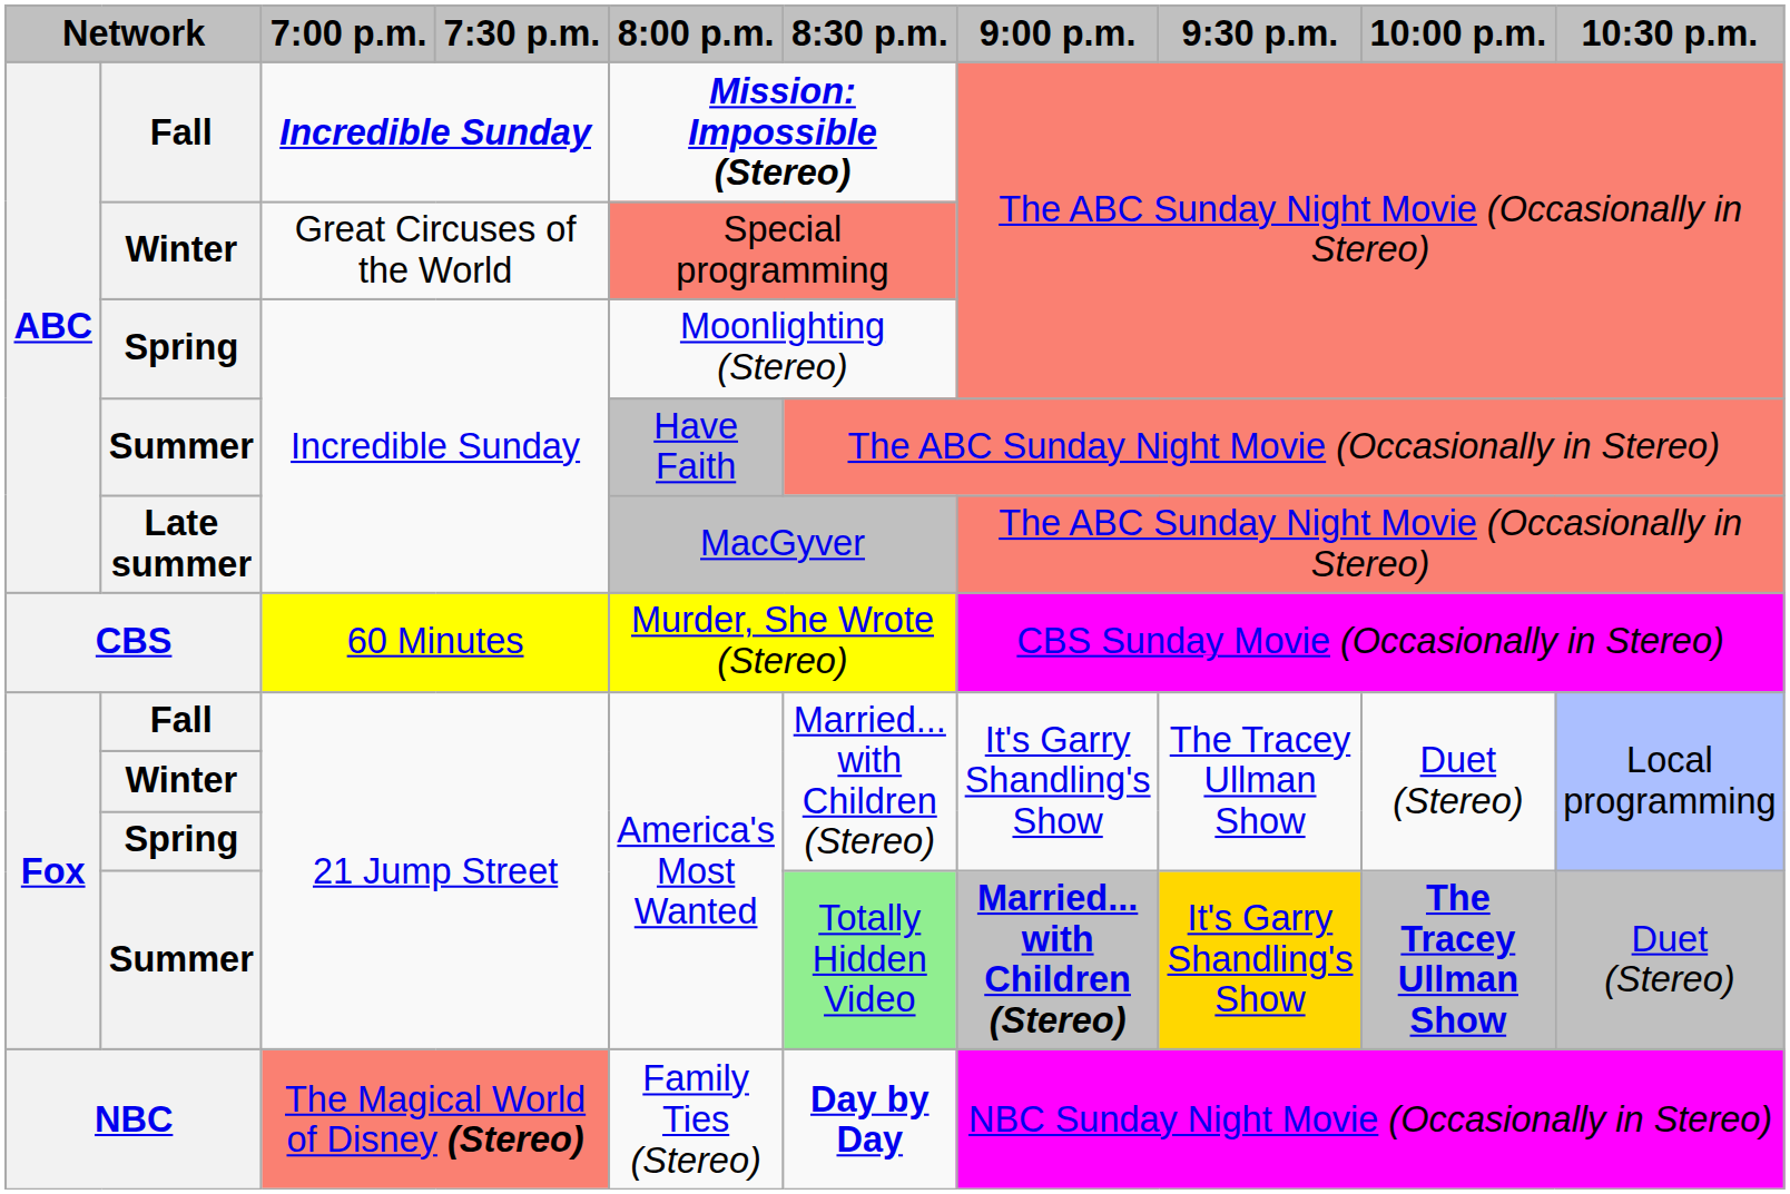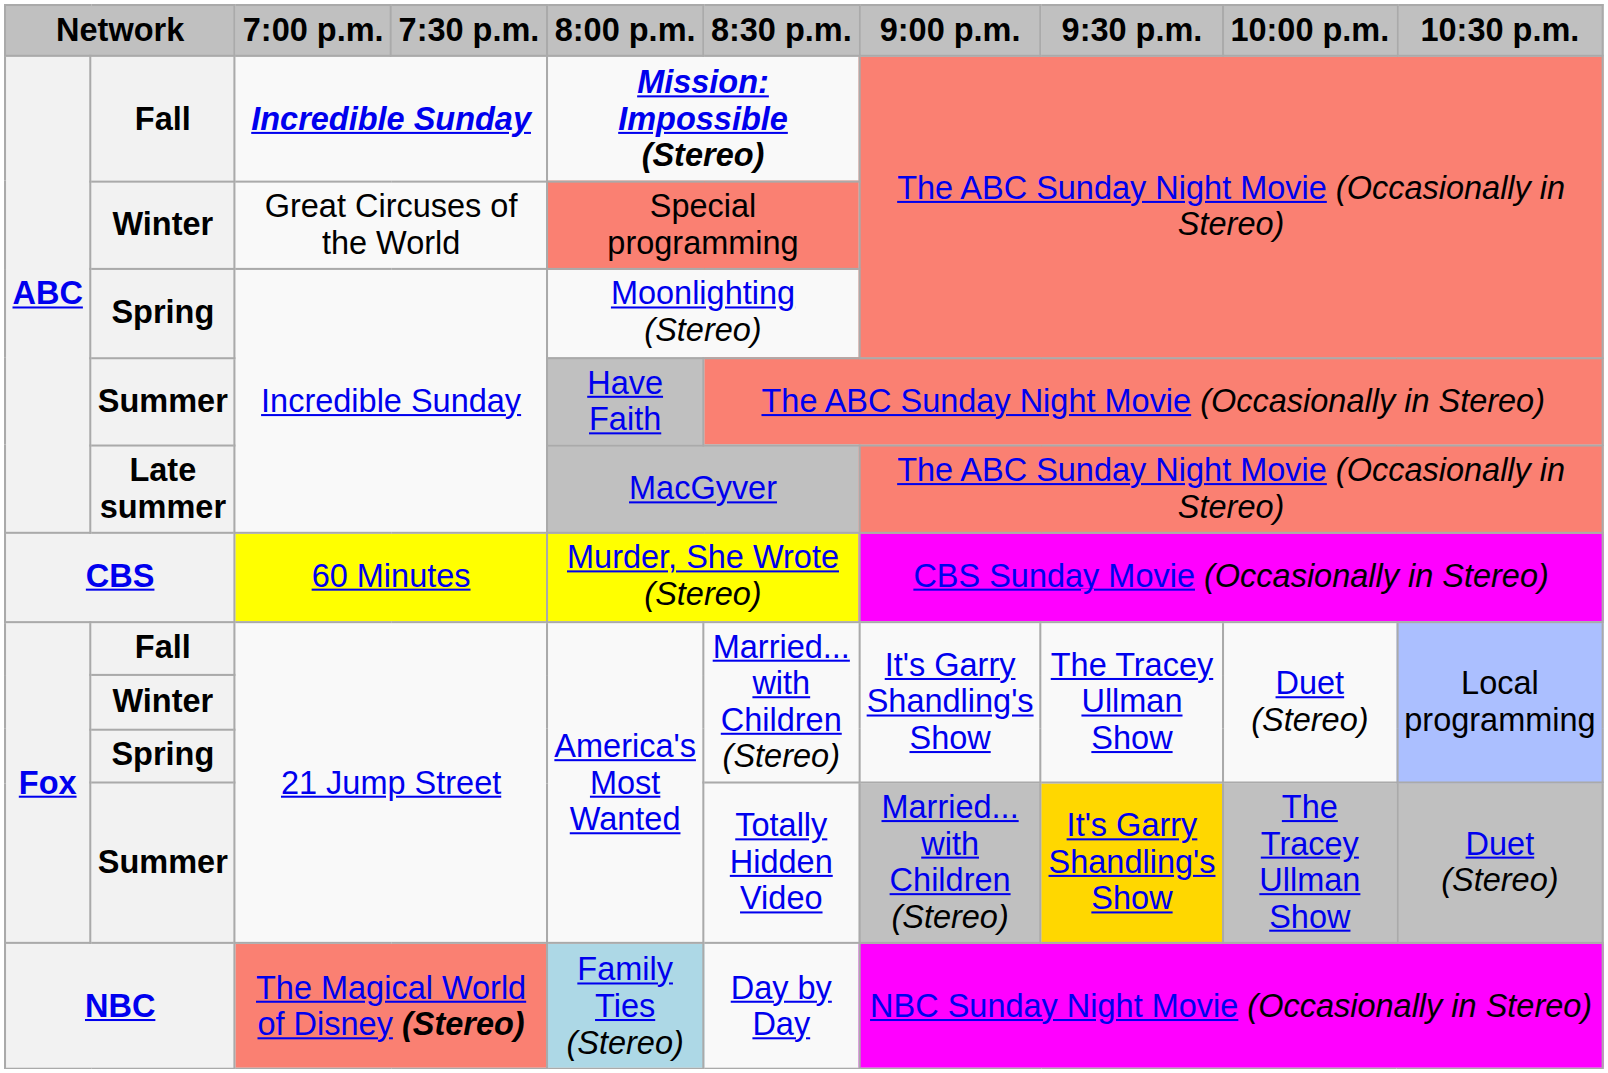 <table class="wikitable" style="width:100%;margin-right:0;text-align:center;">
 <tr>
 <th colspan="2" style="background-color:#C0C0C0;text-align:center">Network</th>
 <th style="background-color:#C0C0C0;text-align:center">7:00 p.m.</th>
 <th style="background-color:#C0C0C0;text-align:center">7:30 p.m.</th>
 <th style="background-color:#C0C0C0;text-align:center">8:00 p.m.</th>
 <th style="background-color:#C0C0C0;text-align:center">8:30 p.m.</th>
 <th style="background-color:#C0C0C0;text-align:center">9:00 p.m.</th>
 <th style="background-color:#C0C0C0;text-align:center">9:30 p.m.</th>
 <th style="background-color:#C0C0C0;text-align:center">10:00 p.m.</th>
 <th style="background-color:#C0C0C0;text-align:center">10:30 p.m.</th>
 </tr>
 <tr>
 <th rowspan="5"><a href='#'>ABC</a></th>
 <th>Fall</th>
 <td colspan="2"><strong><em><a href='#'>Incredible Sunday</a></em></strong></td>
 <td colspan="2"><strong><em><a href='#'>Mission: Impossible</a><strong> <em>(Stereo)</td>
 <td rowspan="3" colspan="4" style="background:#FA8072;"></em><a href='#'>The ABC Sunday Night Movie</a><em> (Occasionally in Stereo)</td>
 </tr>
 <tr>
 <th>Winter</th>
 <td colspan="2"></em></strong>Great Circuses of the World<strong><em></td>
 <td colspan="2" style="background:#FA8072;">Special programming</td>
 </tr>
 <tr>
 <th>Spring</th>
 <td rowspan="3" colspan="2"></em></strong><a href='#'>Incredible Sunday</a><strong><em></td>
 <td colspan="2"></em><a href='#'>Moonlighting</a><em> (Stereo)</td>
 </tr>
 <tr>
 <th>Summer</th>
 <td style="background:#C0C0C0;"></em></strong><a href='#'>Have Faith</a><strong><em> </td>
 <td colspan="5" style="background:#FA8072;"></em><a href='#'>The ABC Sunday Night Movie</a><em> (Occasionally in Stereo)</td>
 </tr>
 <tr>
 <th>Late summer</th>
 <td colspan="2" style="background:#C0C0C0;"></em><a href='#'>MacGyver</a><em> </td>
 <td colspan="4" style="background:#FA8072;"></em><a href='#'>The ABC Sunday Night Movie</a><em> (Occasionally in Stereo)</td>
 </tr>
 <tr>
 <th colspan="2"><a href='#'>CBS</a></th>
 <td style="background:#FFFF00;" colspan="2"></em><a href='#'>60 Minutes</a><em> </td>
 <td style="background:#FFFF00;" colspan="2"></em><a href='#'>Murder, She Wrote</a><em> (Stereo) </td>
 <td style="background:#FF00FF;" colspan="4"></em><a href='#'>CBS Sunday Movie</a><em> (Occasionally in Stereo) </td>
 </tr>
 <tr>
 <th rowspan="4"><a href='#'>Fox</a></th>
 <th>Fall</th>
 <td colspan="2" rowspan="4"></em><a href='#'>21 Jump Street</a><em></td>
 <td rowspan="4"></em><a href='#'>America's Most Wanted</a><em></td>
 <td rowspan="3"></em><a href='#'>Married... with Children</a><em><br>(Stereo)</td>
 <td rowspan="3"></em><a href='#'>It's Garry Shandling's Show</a><em></td>
 <td rowspan="3"></em><a href='#'>The Tracey Ullman Show</a><em></td>
 <td rowspan="3"></em><a href='#'>Duet</a><em> (Stereo)</td>
 <td rowspan="3" style="background:#abbfff;">Local programming</td>
 </tr>
 <tr>
 <th>Winter</th>
 </tr>
 <tr>
 <th>Spring</th>
 </tr>
 <tr>
 <th>Summer</th>
-<td style="background: lightgreen;"></em></strong><a href='#'>Totally Hidden Video</a><strong><em></td>
-<td style="background:#C0C0C0;"><strong></em><a href='#'>Married... with Children</a><em> (Stereo) </strong></td>
+<td></em></strong><a href='#'>Totally Hidden Video</a><strong><em></td>
+<td style="background:#C0C0C0;"></em><a href='#'>Married... with Children</a><em> (Stereo) </td>
 <td style="background: gold;"></em><a href='#'>It's Garry Shandling's Show</a><em></td>
-<td style="background:#C0C0C0;"><strong></em><a href='#'>The Tracey Ullman Show</a><em> </strong></td>
+<td style="background:#C0C0C0;"></em><a href='#'>The Tracey Ullman Show</a><em> </td>
 <td style="background:#C0C0C0;"></em><a href='#'>Duet</a><em> (Stereo) </td>
 </tr>
 <tr>
 <th colspan="2"><a href='#'>NBC</a></th>
 <td colspan="2" style="background:#FA8072;"></em></strong><a href='#'>The Magical World of Disney</a><strong><em> (Stereo)</td>
-<td></em><a href='#'>Family Ties</a><em><br>(Stereo)</td>
-<td><strong></em><a href='#'>Day by Day</a><em></strong></td>
+<td style="background: lightblue;"></em><a href='#'>Family Ties</a><em><br>(Stereo)</td>
+<td></em><a href='#'>Day by Day</a><em></td>
 <td style="background:#FF00FF;" colspan="4"></em><a href='#'>NBC Sunday Night Movie</a><em> (Occasionally in Stereo) </td>
 </tr>
 </table>
